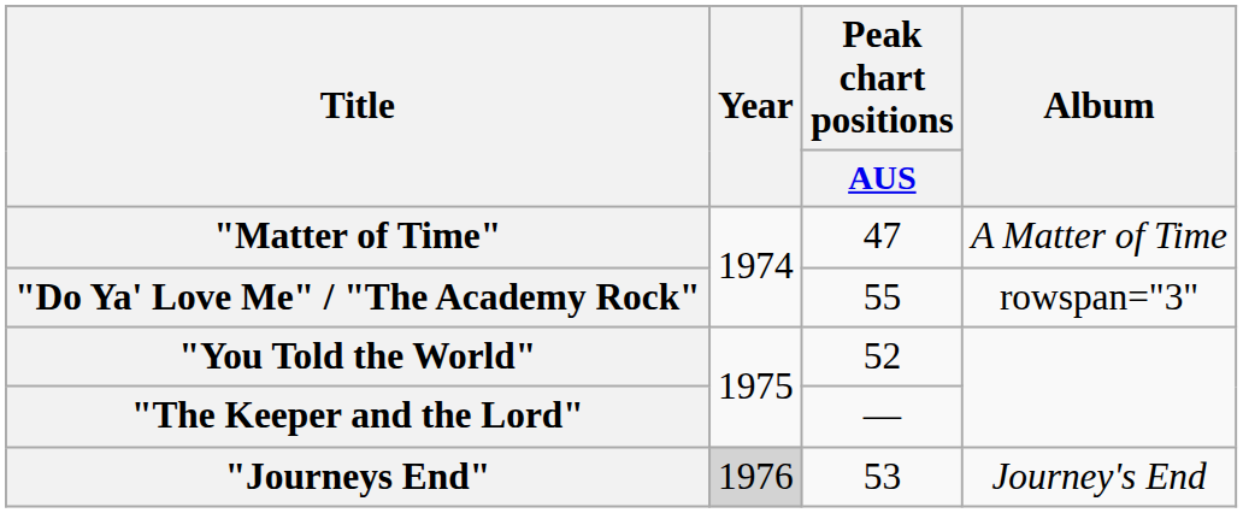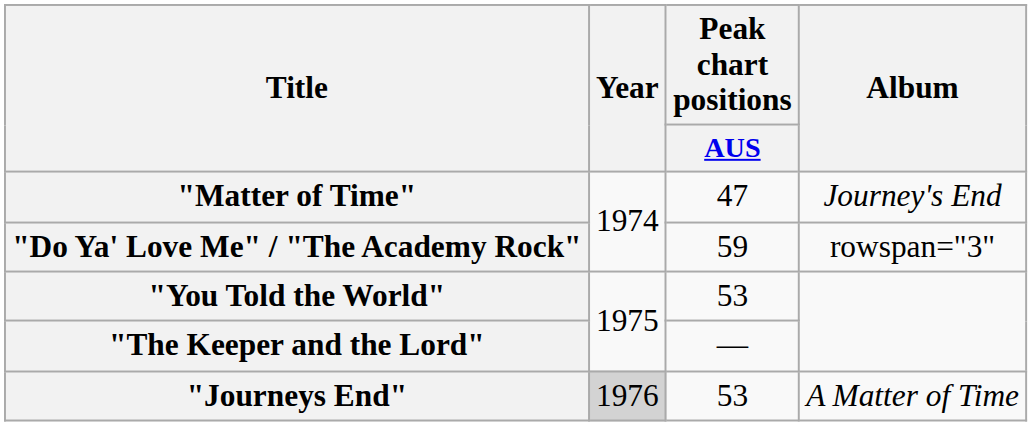 <table class="wikitable plainrowheaders" style="text-align:center">
 <tr>
 <th scope="col" rowspan="2">Title</th>
 <th scope="col" rowspan="2">Year</th>
 <th scope="col" colspan="1">Peak chart positions</th>
 <th scope="col" rowspan="2">Album</th>
 </tr>
 <tr>
 <th scope="col" style="width:3em; font-size:90%"><a href='#'>AUS</a><br></th>
 </tr>
 <tr>
 <th scope="row">"Matter of Time"</th>
 <td rowspan="2">1974</td>
 <td>47</td>
-<td><em>A Matter of Time</em></td>
+<td><em>Journey's End</em></td>
 </tr>
 <tr>
 <th scope="row">"Do Ya' Love Me" / "The Academy Rock"</th>
-<td>55</td>
+<td>59</td>
 <td>rowspan="3" </td>
 </tr>
 <tr>
 <th scope="row">"You Told the World"</th>
 <td rowspan="2">1975</td>
-<td>52</td>
+<td>53</td>
 </tr>
 <tr>
 <th scope="row">"The Keeper and the Lord"</th>
 <td>—</td>
 </tr>
 <tr>
 <th scope="row">"Journeys End"</th>
 <td style="background: lightgrey;">1976</td>
 <td>53</td>
-<td><em>Journey's End</em></td>
+<td><em>A Matter of Time</em></td>
 </tr>
 </table>
